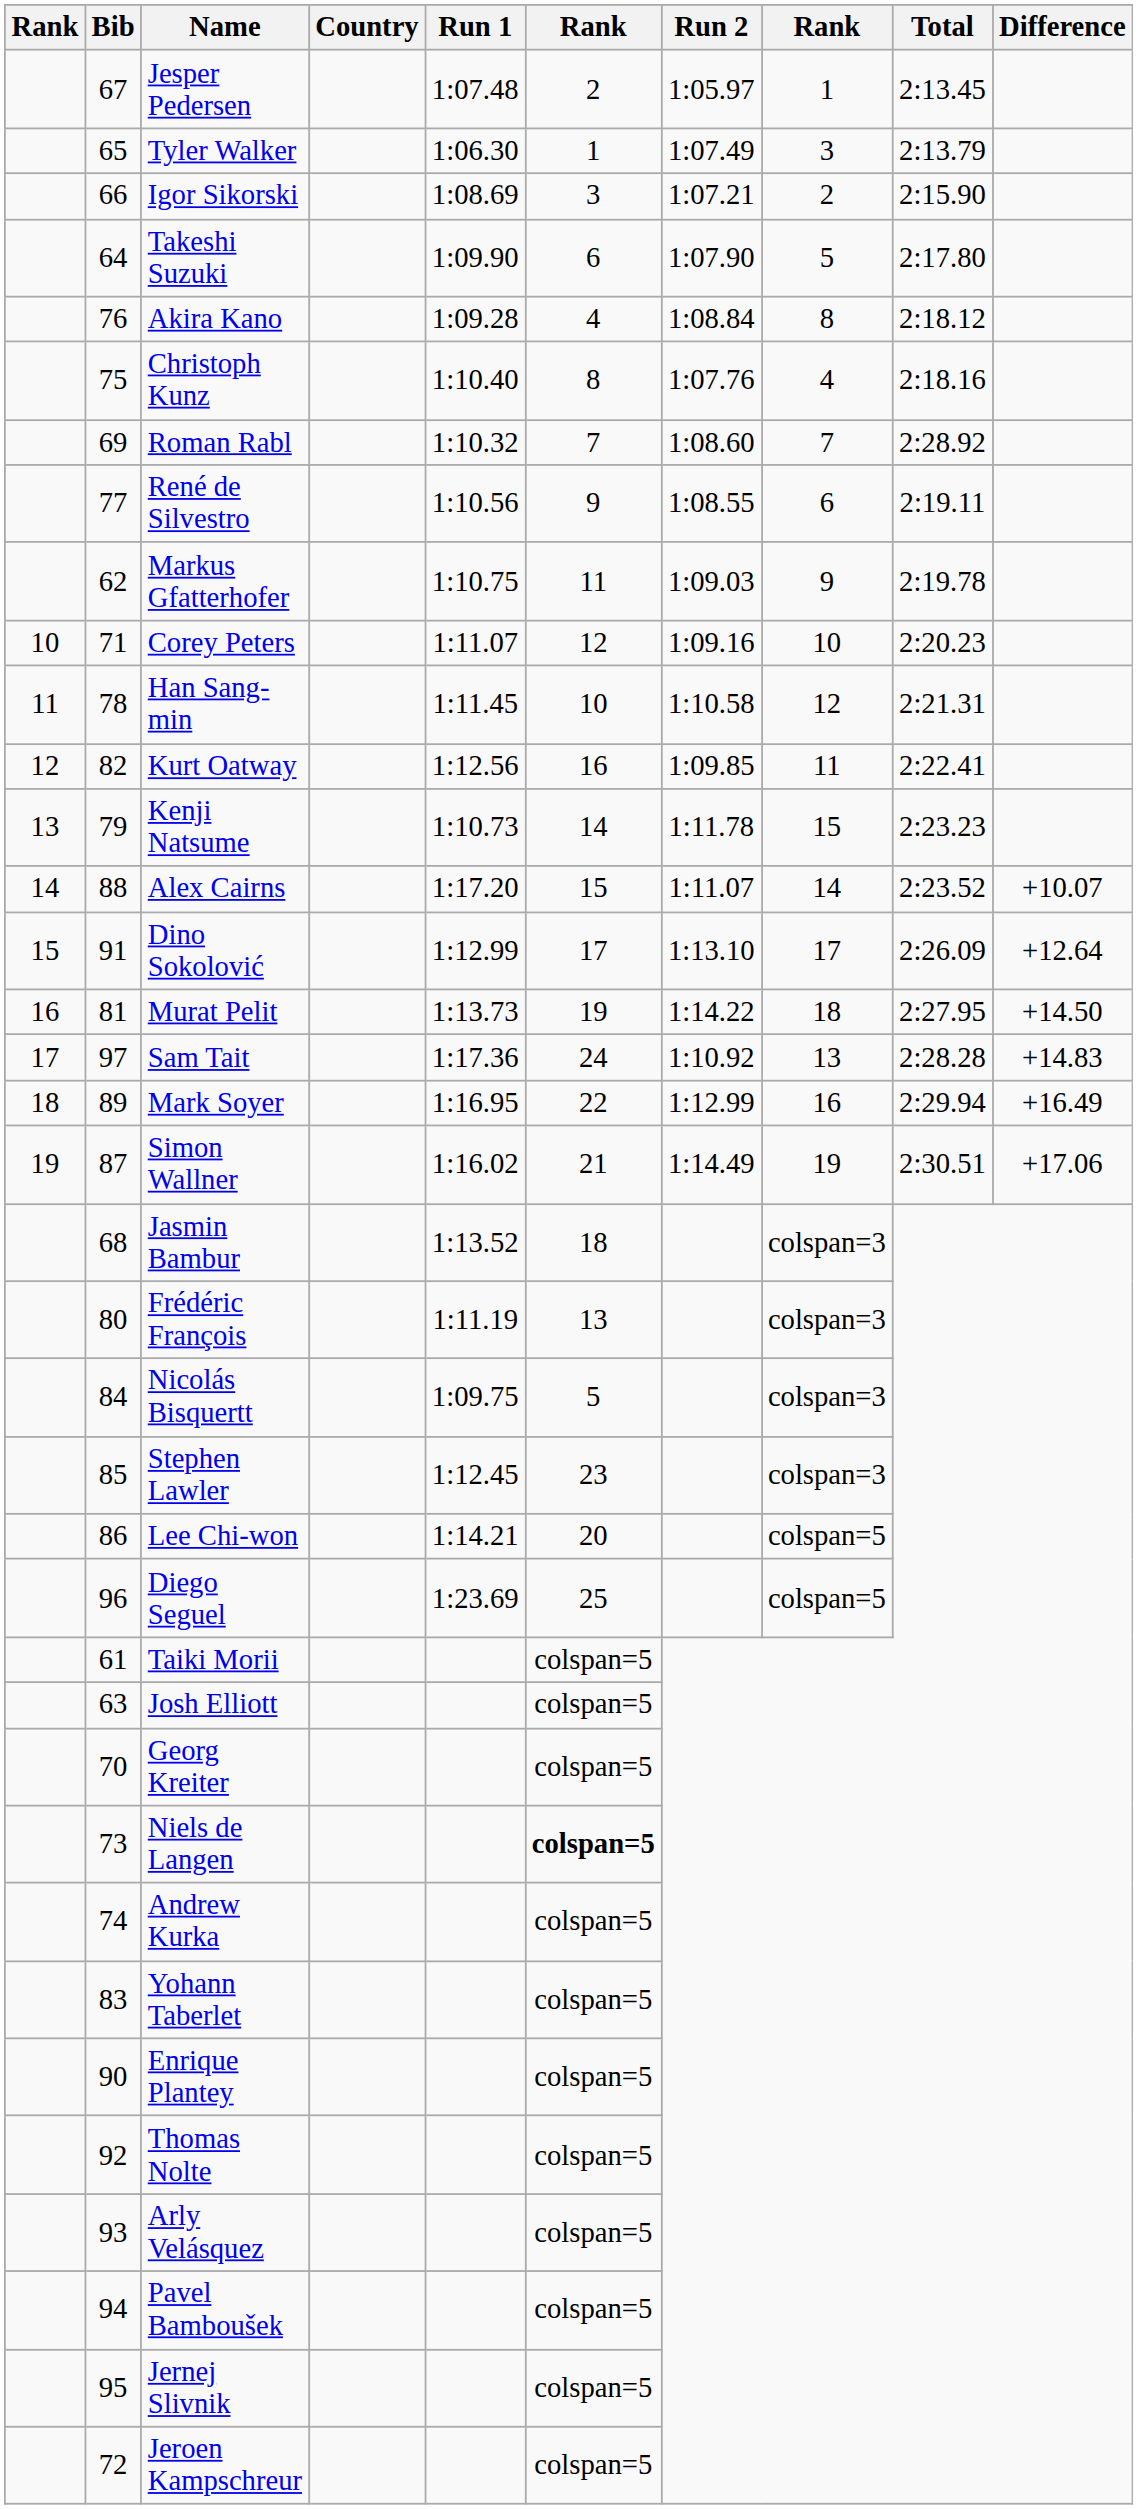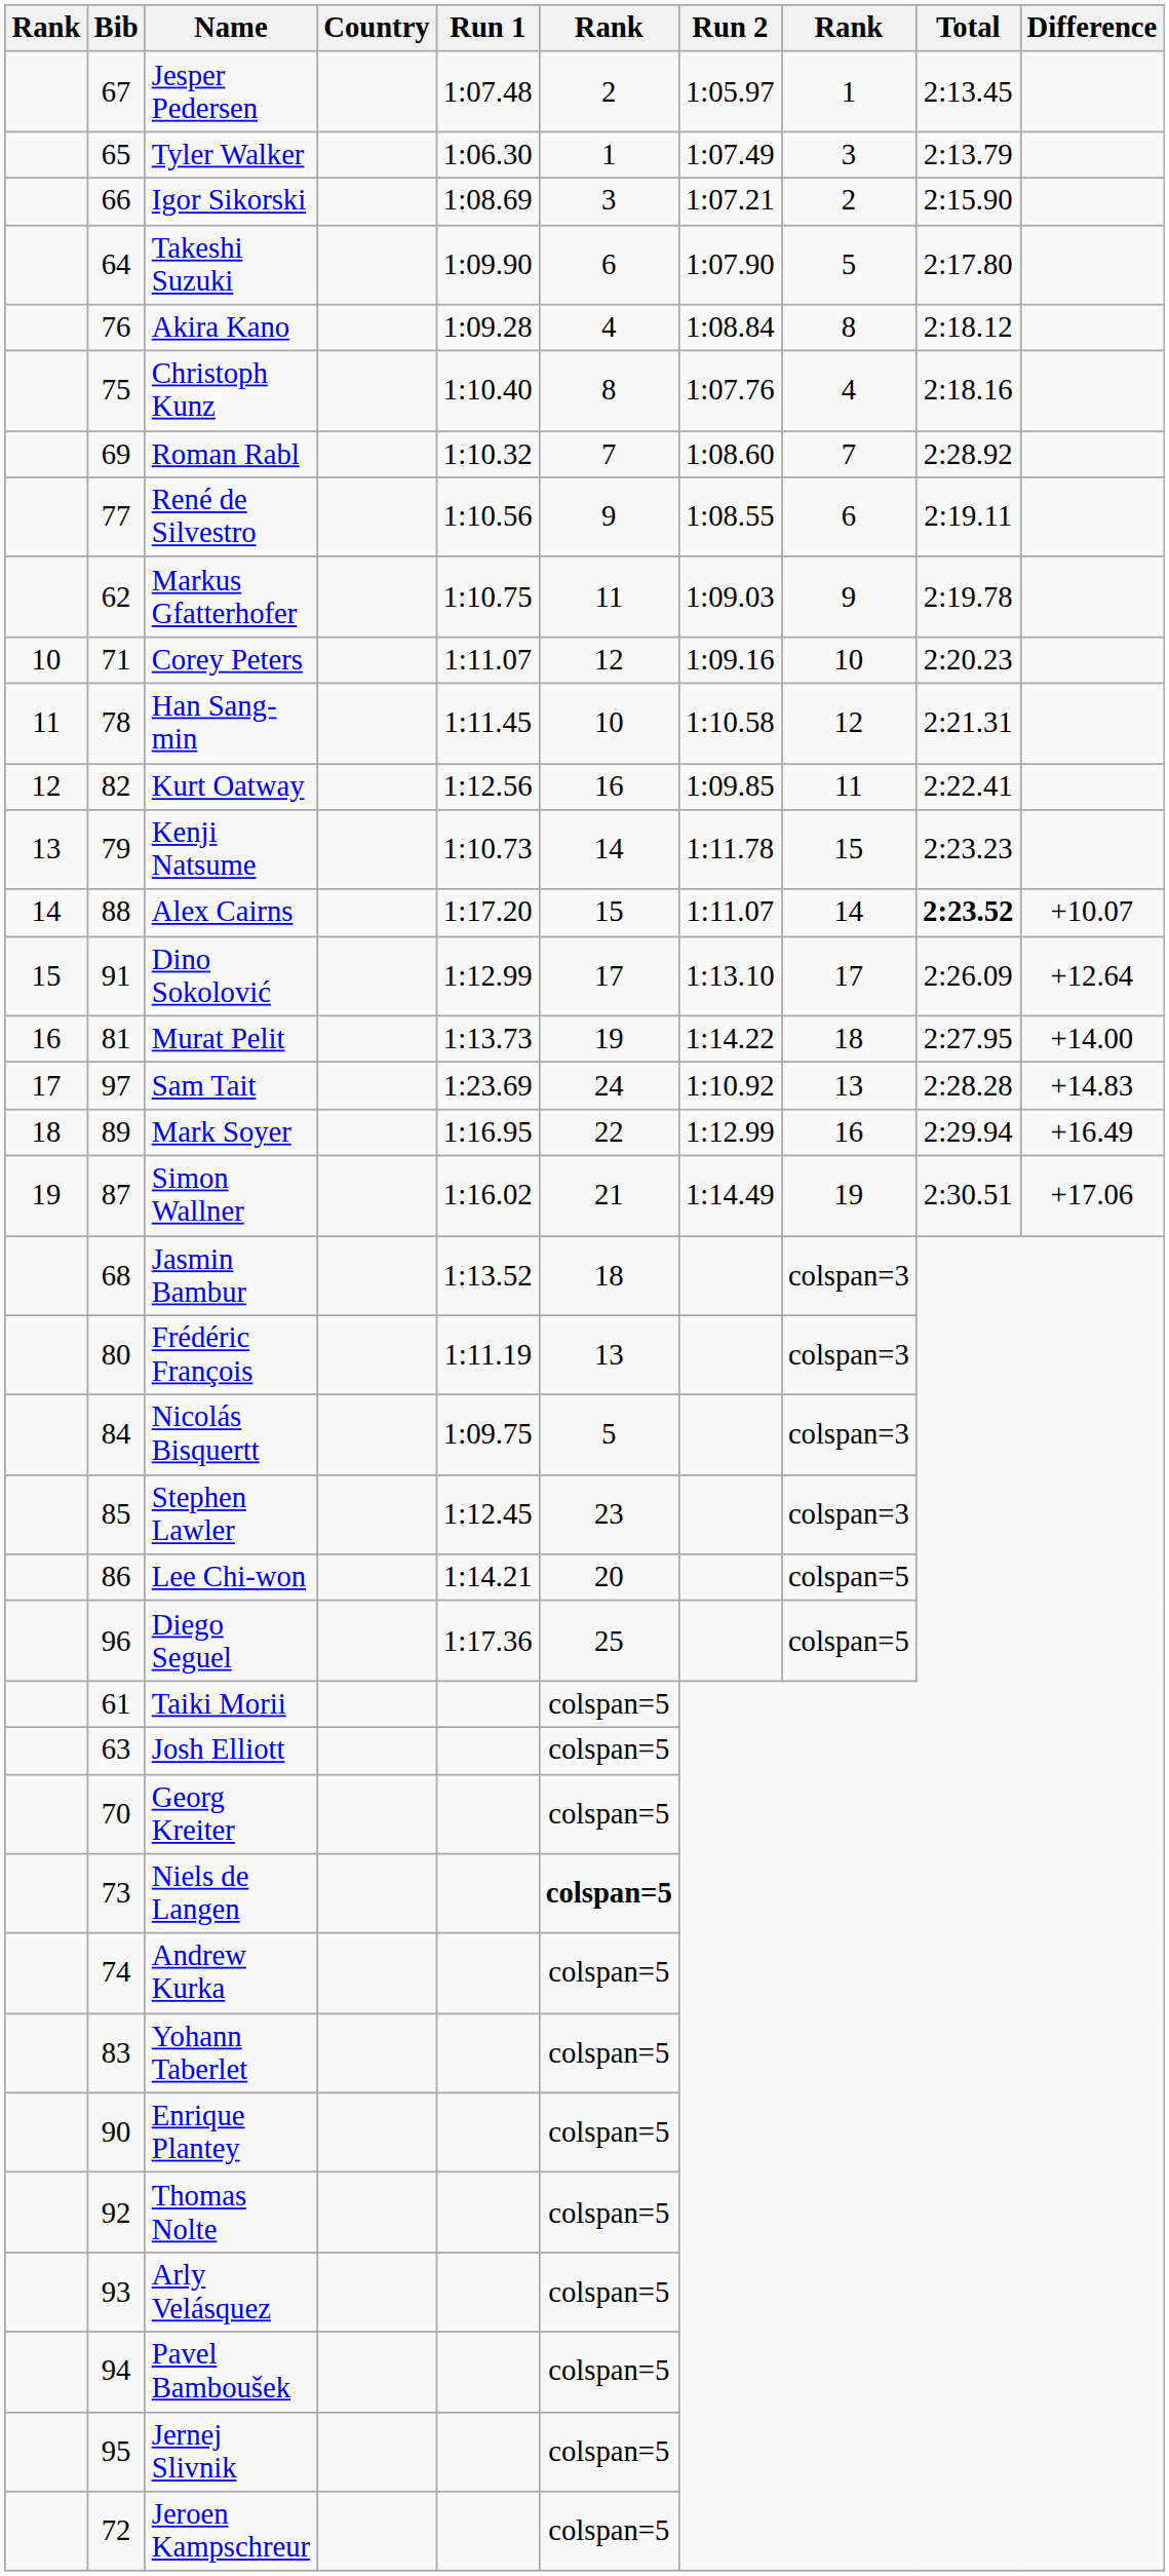 <table class="wikitable sortable" style="text-align:center">
 <tr>
 <th>Rank</th>
 <th>Bib</th>
 <th>Name</th>
 <th>Country</th>
 <th>Run 1</th>
 <th>Rank</th>
 <th>Run 2</th>
 <th>Rank</th>
 <th>Total</th>
 <th>Difference</th>
 </tr>
 <tr>
 <td></td>
 <td>67</td>
 <td align="left"><a href='#'>Jesper Pedersen</a></td>
 <td align="left"></td>
 <td>1:07.48</td>
 <td>2</td>
 <td>1:05.97</td>
 <td>1</td>
 <td>2:13.45</td>
 <td></td>
 </tr>
 <tr>
 <td></td>
 <td>65</td>
 <td align="left"><a href='#'>Tyler Walker</a></td>
 <td align="left"></td>
 <td>1:06.30</td>
 <td>1</td>
 <td>1:07.49</td>
 <td>3</td>
 <td>2:13.79</td>
 <td></td>
 </tr>
 <tr>
 <td></td>
 <td>66</td>
 <td align="left"><a href='#'>Igor Sikorski</a></td>
 <td align="left"></td>
 <td>1:08.69</td>
 <td>3</td>
 <td>1:07.21</td>
 <td>2</td>
 <td>2:15.90</td>
 <td></td>
 </tr>
 <tr>
 <td></td>
 <td>64</td>
 <td align="left"><a href='#'>Takeshi Suzuki</a></td>
 <td align="left"></td>
 <td>1:09.90</td>
 <td>6</td>
 <td>1:07.90</td>
 <td>5</td>
 <td>2:17.80</td>
 <td></td>
 </tr>
 <tr>
 <td></td>
 <td>76</td>
 <td align="left"><a href='#'>Akira Kano</a></td>
 <td align="left"></td>
 <td>1:09.28</td>
 <td>4</td>
 <td>1:08.84</td>
 <td>8</td>
 <td>2:18.12</td>
 <td></td>
 </tr>
 <tr>
 <td></td>
 <td>75</td>
 <td align="left"><a href='#'>Christoph Kunz</a></td>
 <td align="left"></td>
 <td>1:10.40</td>
 <td>8</td>
 <td>1:07.76</td>
 <td>4</td>
 <td>2:18.16</td>
 <td></td>
 </tr>
 <tr>
 <td></td>
 <td>69</td>
 <td align="left"><a href='#'>Roman Rabl</a></td>
 <td align="left"></td>
 <td>1:10.32</td>
 <td>7</td>
 <td>1:08.60</td>
 <td>7</td>
 <td>2:28.92</td>
 <td></td>
 </tr>
 <tr>
 <td></td>
 <td>77</td>
 <td align="left"><a href='#'>René de Silvestro</a></td>
 <td align="left"></td>
 <td>1:10.56</td>
 <td>9</td>
 <td>1:08.55</td>
 <td>6</td>
 <td>2:19.11</td>
 <td></td>
 </tr>
 <tr>
 <td></td>
 <td>62</td>
 <td align="left"><a href='#'>Markus Gfatterhofer</a></td>
 <td align="left"></td>
 <td>1:10.75</td>
 <td>11</td>
 <td>1:09.03</td>
 <td>9</td>
 <td>2:19.78</td>
 <td></td>
 </tr>
 <tr>
 <td>10</td>
 <td>71</td>
 <td align="left"><a href='#'>Corey Peters</a></td>
 <td align="left"></td>
 <td>1:11.07</td>
 <td>12</td>
 <td>1:09.16</td>
 <td>10</td>
 <td>2:20.23</td>
 <td></td>
 </tr>
 <tr>
 <td>11</td>
 <td>78</td>
 <td align="left"><a href='#'>Han Sang-min</a></td>
 <td align="left"></td>
 <td>1:11.45</td>
 <td>10</td>
 <td>1:10.58</td>
 <td>12</td>
 <td>2:21.31</td>
 <td></td>
 </tr>
 <tr>
 <td>12</td>
 <td>82</td>
 <td align="left"><a href='#'>Kurt Oatway</a></td>
 <td align="left"></td>
 <td>1:12.56</td>
 <td>16</td>
 <td>1:09.85</td>
 <td>11</td>
 <td>2:22.41</td>
 <td></td>
 </tr>
 <tr>
 <td>13</td>
 <td>79</td>
 <td align="left"><a href='#'>Kenji Natsume</a></td>
 <td align="left"></td>
 <td>1:10.73</td>
 <td>14</td>
 <td>1:11.78</td>
 <td>15</td>
 <td>2:23.23</td>
 <td></td>
 </tr>
 <tr>
 <td>14</td>
 <td>88</td>
 <td align="left"><a href='#'>Alex Cairns</a></td>
 <td align="left"></td>
 <td>1:17.20</td>
 <td>15</td>
 <td>1:11.07</td>
 <td>14</td>
-<td>2:23.52</td>
+<td><strong>2:23.52</strong></td>
 <td>+10.07</td>
 </tr>
 <tr>
 <td>15</td>
 <td>91</td>
 <td align="left"><a href='#'>Dino Sokolović</a></td>
 <td align="left"></td>
 <td>1:12.99</td>
 <td>17</td>
 <td>1:13.10</td>
 <td>17</td>
 <td>2:26.09</td>
 <td>+12.64</td>
 </tr>
 <tr>
 <td>16</td>
 <td>81</td>
 <td align="left"><a href='#'>Murat Pelit</a></td>
 <td align="left"></td>
 <td>1:13.73</td>
 <td>19</td>
 <td>1:14.22</td>
 <td>18</td>
 <td>2:27.95</td>
-<td>+14.50</td>
+<td>+14.00</td>
 </tr>
 <tr>
 <td>17</td>
 <td>97</td>
 <td align="left"><a href='#'>Sam Tait</a></td>
 <td align="left"></td>
-<td>1:17.36</td>
+<td>1:23.69</td>
 <td>24</td>
 <td>1:10.92</td>
 <td>13</td>
 <td>2:28.28</td>
 <td>+14.83</td>
 </tr>
 <tr>
 <td>18</td>
 <td>89</td>
 <td align="left"><a href='#'>Mark Soyer</a></td>
 <td align="left"></td>
 <td>1:16.95</td>
 <td>22</td>
 <td>1:12.99</td>
 <td>16</td>
 <td>2:29.94</td>
 <td>+16.49</td>
 </tr>
 <tr>
 <td>19</td>
 <td>87</td>
 <td align="left"><a href='#'>Simon Wallner</a></td>
 <td align="left"></td>
 <td>1:16.02</td>
 <td>21</td>
 <td>1:14.49</td>
 <td>19</td>
 <td>2:30.51</td>
 <td>+17.06</td>
 </tr>
 <tr>
 <td></td>
 <td>68</td>
 <td align="left"><a href='#'>Jasmin Bambur</a></td>
 <td align="left"></td>
 <td>1:13.52</td>
 <td>18</td>
 <td></td>
 <td>colspan=3 </td>
 </tr>
 <tr>
 <td></td>
 <td>80</td>
 <td align="left"><a href='#'>Frédéric François</a></td>
 <td align="left"></td>
 <td>1:11.19</td>
 <td>13</td>
 <td></td>
 <td>colspan=3 </td>
 </tr>
 <tr>
 <td></td>
 <td>84</td>
 <td align="left"><a href='#'>Nicolás Bisquertt</a></td>
 <td align="left"></td>
 <td>1:09.75</td>
 <td>5</td>
 <td></td>
 <td>colspan=3 </td>
 </tr>
 <tr>
 <td></td>
 <td>85</td>
 <td align="left"><a href='#'>Stephen Lawler</a></td>
 <td align="left"></td>
 <td>1:12.45</td>
 <td>23</td>
 <td></td>
 <td>colspan=3 </td>
 </tr>
 <tr>
 <td></td>
 <td>86</td>
 <td align="left"><a href='#'>Lee Chi-won</a></td>
 <td align="left"></td>
 <td>1:14.21</td>
 <td>20</td>
 <td></td>
 <td>colspan=5 </td>
 </tr>
 <tr>
 <td></td>
 <td>96</td>
 <td align="left"><a href='#'>Diego Seguel</a></td>
 <td align="left"></td>
-<td>1:23.69</td>
+<td>1:17.36</td>
 <td>25</td>
 <td></td>
 <td>colspan=5 </td>
 </tr>
 <tr>
 <td></td>
 <td>61</td>
 <td align="left"><a href='#'>Taiki Morii</a></td>
 <td align="left"></td>
 <td></td>
 <td>colspan=5 </td>
 </tr>
 <tr>
 <td></td>
 <td>63</td>
 <td align="left"><a href='#'>Josh Elliott</a></td>
 <td align="left"></td>
 <td></td>
 <td>colspan=5 </td>
 </tr>
 <tr>
 <td></td>
 <td>70</td>
 <td align="left"><a href='#'>Georg Kreiter</a></td>
 <td align="left"></td>
 <td></td>
 <td>colspan=5 </td>
 </tr>
 <tr>
 <td></td>
 <td>73</td>
 <td align="left"><a href='#'>Niels de Langen</a></td>
 <td align="left"></td>
 <td></td>
 <td><strong>colspan=5 </strong></td>
 </tr>
 <tr>
 <td></td>
 <td>74</td>
 <td align="left"><a href='#'>Andrew Kurka</a></td>
 <td align="left"></td>
 <td></td>
 <td>colspan=5 </td>
 </tr>
 <tr>
 <td></td>
 <td>83</td>
 <td align="left"><a href='#'>Yohann Taberlet</a></td>
 <td align="left"></td>
 <td></td>
 <td>colspan=5 </td>
 </tr>
 <tr>
 <td></td>
 <td>90</td>
 <td align="left"><a href='#'>Enrique Plantey</a></td>
 <td align="left"></td>
 <td></td>
 <td>colspan=5 </td>
 </tr>
 <tr>
 <td></td>
 <td>92</td>
 <td align="left"><a href='#'>Thomas Nolte</a></td>
 <td align="left"></td>
 <td></td>
 <td>colspan=5 </td>
 </tr>
 <tr>
 <td></td>
 <td>93</td>
 <td align="left"><a href='#'>Arly Velásquez</a></td>
 <td align="left"></td>
 <td></td>
 <td>colspan=5 </td>
 </tr>
 <tr>
 <td></td>
 <td>94</td>
 <td align="left"><a href='#'>Pavel Bamboušek</a></td>
 <td align="left"></td>
 <td></td>
 <td>colspan=5 </td>
 </tr>
 <tr>
 <td></td>
 <td>95</td>
 <td align="left"><a href='#'>Jernej Slivnik</a></td>
 <td align="left"></td>
 <td></td>
 <td>colspan=5 </td>
 </tr>
 <tr>
 <td></td>
 <td>72</td>
 <td align="left"><a href='#'>Jeroen Kampschreur</a></td>
 <td align="left"></td>
 <td></td>
 <td>colspan=5 </td>
 </tr>
 </table>
